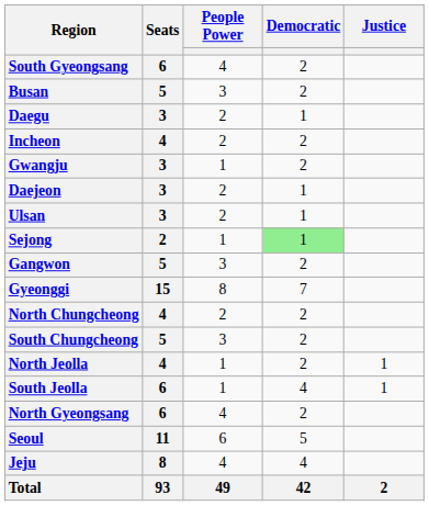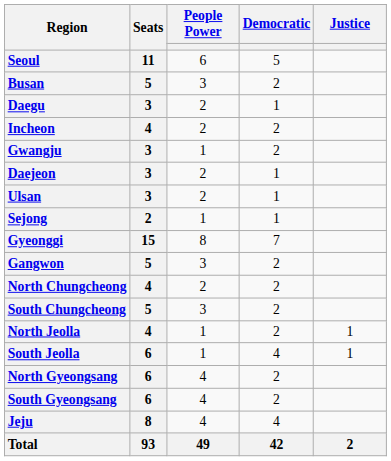 <table class="wikitable" style="text-align:center; font-size: 0.9em;">
 <tr>
 <th rowspan="2">Region</th>
 <th rowspan="2">Seats</th>
 <th class="unsortable" style="width:70px;"><a href='#'>People Power</a></th>
 <th class="unsortable" style="width:70px;"><a href='#'>Democratic</a></th>
 <th class="unsortable" style="width:70px;"><a href='#'>Justice</a></th>
 </tr>
 <tr>
 <th style="background:"></th>
 <th style="background:"></th>
 <th style="background:"></th>
 </tr>
 <tr>
-<th style="text-align: left;"><a href='#'>South Gyeongsang</a></th>
-<th>6</th>
-<td>4</td>
-<td>2</td>
+<th style="text-align: left;"><a href='#'>Seoul</a></th>
+<th>11</th>
+<td>6</td>
+<td>5</td>
 <td></td>
 </tr>
 <tr>
 <th style="text-align: left;"><a href='#'>Busan</a></th>
 <th>5</th>
 <td>3</td>
 <td>2</td>
 <td></td>
 </tr>
 <tr>
 <th style="text-align: left;"><a href='#'>Daegu</a></th>
 <th>3</th>
 <td>2</td>
 <td>1</td>
 <td></td>
 </tr>
 <tr>
 <th style="text-align: left;"><a href='#'>Incheon</a></th>
 <th>4</th>
 <td>2</td>
 <td>2</td>
 <td></td>
 </tr>
 <tr>
 <th style="text-align: left;"><a href='#'>Gwangju</a></th>
 <th>3</th>
 <td>1</td>
 <td>2</td>
 <td></td>
 </tr>
 <tr>
 <th style="text-align: left;"><a href='#'>Daejeon</a></th>
 <th>3</th>
 <td>2</td>
 <td>1</td>
 <td></td>
 </tr>
 <tr>
 <th style="text-align: left;"><a href='#'>Ulsan</a></th>
 <th>3</th>
 <td>2</td>
 <td>1</td>
 <td></td>
 </tr>
 <tr>
 <th style="text-align: left;"><a href='#'>Sejong</a></th>
 <th>2</th>
 <td>1</td>
-<td style="background: lightgreen;">1</td>
+<td>1</td>
+<td></td>
+</tr>
+<tr>
+<th style="text-align: left;"><a href='#'>Gyeonggi</a></th>
+<th>15</th>
+<td>8</td>
+<td>7</td>
 <td></td>
 </tr>
 <tr>
 <th style="text-align: left;"><a href='#'>Gangwon</a></th>
 <th>5</th>
 <td>3</td>
 <td>2</td>
-<td></td>
-</tr>
-<tr>
-<th style="text-align: left;"><a href='#'>Gyeonggi</a></th>
-<th>15</th>
-<td>8</td>
-<td>7</td>
 <td></td>
 </tr>
 <tr>
 <th style="text-align: left;"><a href='#'>North Chungcheong</a></th>
 <th>4</th>
 <td>2</td>
 <td>2</td>
 <td></td>
 </tr>
 <tr>
 <th style="text-align: left;"><a href='#'>South Chungcheong</a></th>
 <th>5</th>
 <td>3</td>
 <td>2</td>
 <td></td>
 </tr>
 <tr>
 <th style="text-align: left;"><a href='#'>North Jeolla</a></th>
 <th>4</th>
 <td>1</td>
 <td>2</td>
 <td>1</td>
 </tr>
 <tr>
 <th style="text-align: left;"><a href='#'>South Jeolla</a></th>
 <th>6</th>
 <td>1</td>
 <td>4</td>
 <td>1</td>
 </tr>
 <tr>
 <th style="text-align: left;"><a href='#'>North Gyeongsang</a></th>
 <th>6</th>
 <td>4</td>
 <td>2</td>
 <td></td>
 </tr>
 <tr>
-<th style="text-align: left;"><a href='#'>Seoul</a></th>
-<th>11</th>
-<td>6</td>
-<td>5</td>
+<th style="text-align: left;"><a href='#'>South Gyeongsang</a></th>
+<th>6</th>
+<td>4</td>
+<td>2</td>
 <td></td>
 </tr>
 <tr>
 <th style="text-align: left;"><a href='#'>Jeju</a></th>
 <th>8</th>
 <td>4</td>
 <td>4</td>
 <td></td>
 </tr>
 <tr class="sortbottom">
 <th style="text-align: left;">Total</th>
 <th>93</th>
 <th>49</th>
 <th>42</th>
 <th>2</th>
 </tr>
 </table>
